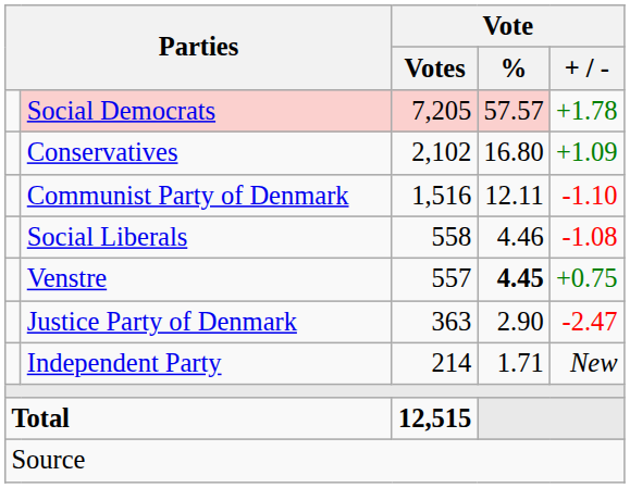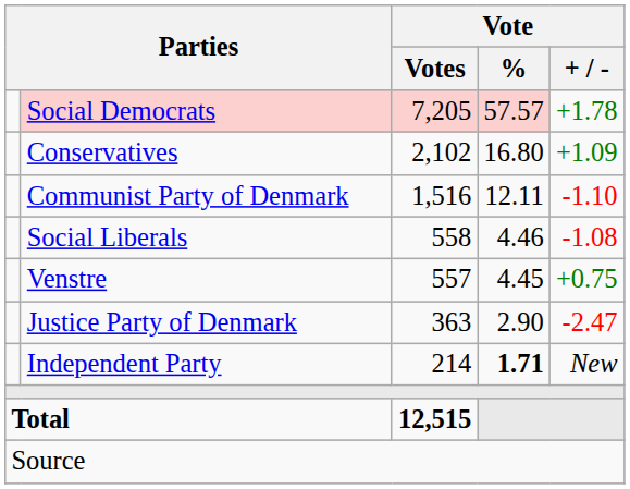 <table class="wikitable" style="text-align:right;">
 <tr>
 <th style="text-align:centre;" rowspan="2" colspan="2" width="225">Parties</th>
 <th colspan="3">Vote</th>
 </tr>
 <tr>
 <th width="15">Votes</th>
 <th width="15">%</th>
 <th width="15">+ / -</th>
 </tr>
 <tr>
 <td width="2" style="color:inherit;background:"></td>
 <td bgcolor=#fbd0ce  align="left"><a href='#'>Social Democrats</a></td>
 <td bgcolor=#fbd0ce>7,205</td>
 <td bgcolor=#fbd0ce>57.57</td>
 <td style=color:green;>+1.78</td>
 </tr>
 <tr>
 <td width="2" style="color:inherit;background:"></td>
 <td align="left"><a href='#'>Conservatives</a></td>
 <td>2,102</td>
 <td>16.80</td>
 <td style=color:green;>+1.09</td>
 </tr>
 <tr>
 <td width="2" style="color:inherit;background:"></td>
 <td align="left"><a href='#'>Communist Party of Denmark</a></td>
 <td>1,516</td>
 <td>12.11</td>
 <td style=color:red;>-1.10</td>
 </tr>
 <tr>
 <td width="2" style="color:inherit;background:"></td>
 <td align="left"><a href='#'>Social Liberals</a></td>
 <td>558</td>
 <td>4.46</td>
 <td style=color:red;>-1.08</td>
 </tr>
 <tr>
 <td width="2" style="color:inherit;background:"></td>
 <td align="left"><a href='#'>Venstre</a></td>
 <td>557</td>
-<td><strong>4.45</strong></td>
+<td>4.45</td>
 <td style=color:green;>+0.75</td>
 </tr>
 <tr>
 <td width="2" style="color:inherit;background:"></td>
 <td align="left"><a href='#'>Justice Party of Denmark</a></td>
 <td>363</td>
 <td>2.90</td>
 <td style=color:red;>-2.47</td>
 </tr>
 <tr>
 <td width="2" style="color:inherit;background:"></td>
 <td align="left"><a href='#'>Independent Party</a></td>
 <td>214</td>
-<td>1.71</td>
+<td><strong>1.71</strong></td>
 <td><em>New</em></td>
 </tr>
 <tr>
 <td colspan="7" bgcolor="#E9E9E9"></td>
 </tr>
 <tr>
 <td align="left" colspan="2"><strong>Total</strong></td>
 <td><strong>12,515</strong></td>
 <td bgcolor="#E9E9E9" colspan="2"></td>
 </tr>
 <tr>
 <td align="left" colspan="6">Source</td>
 </tr>
 </table>
